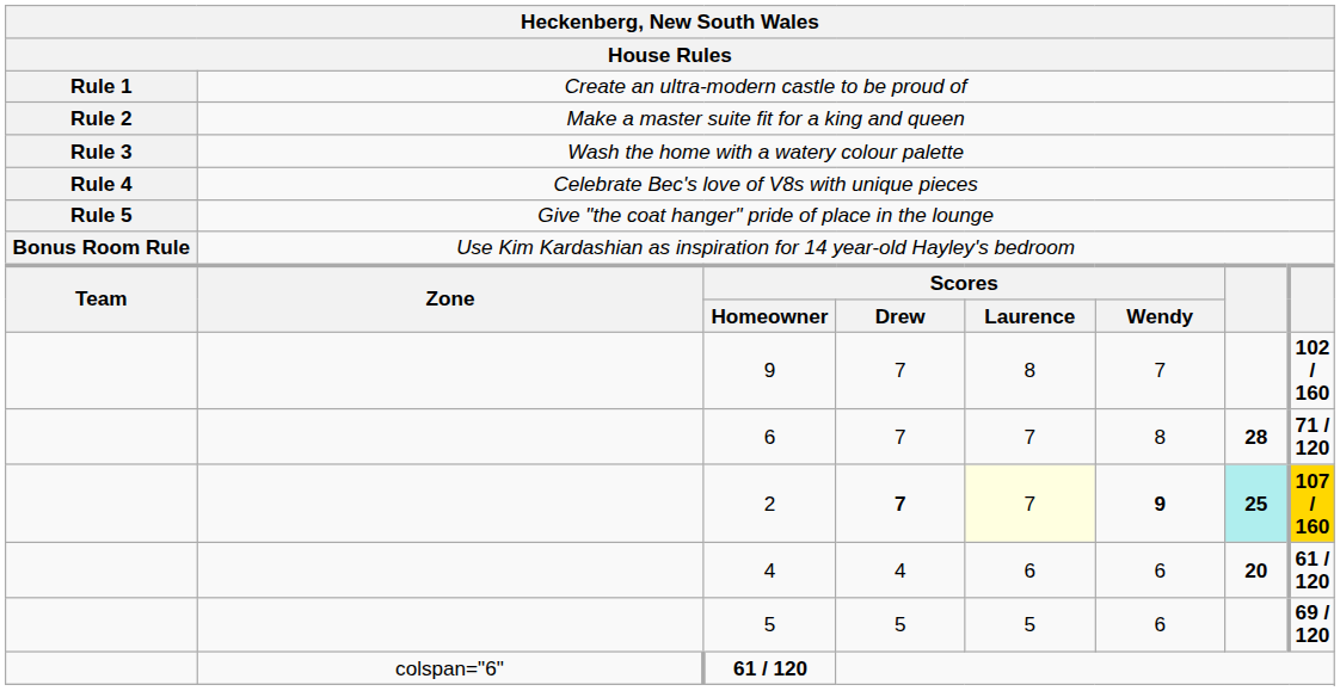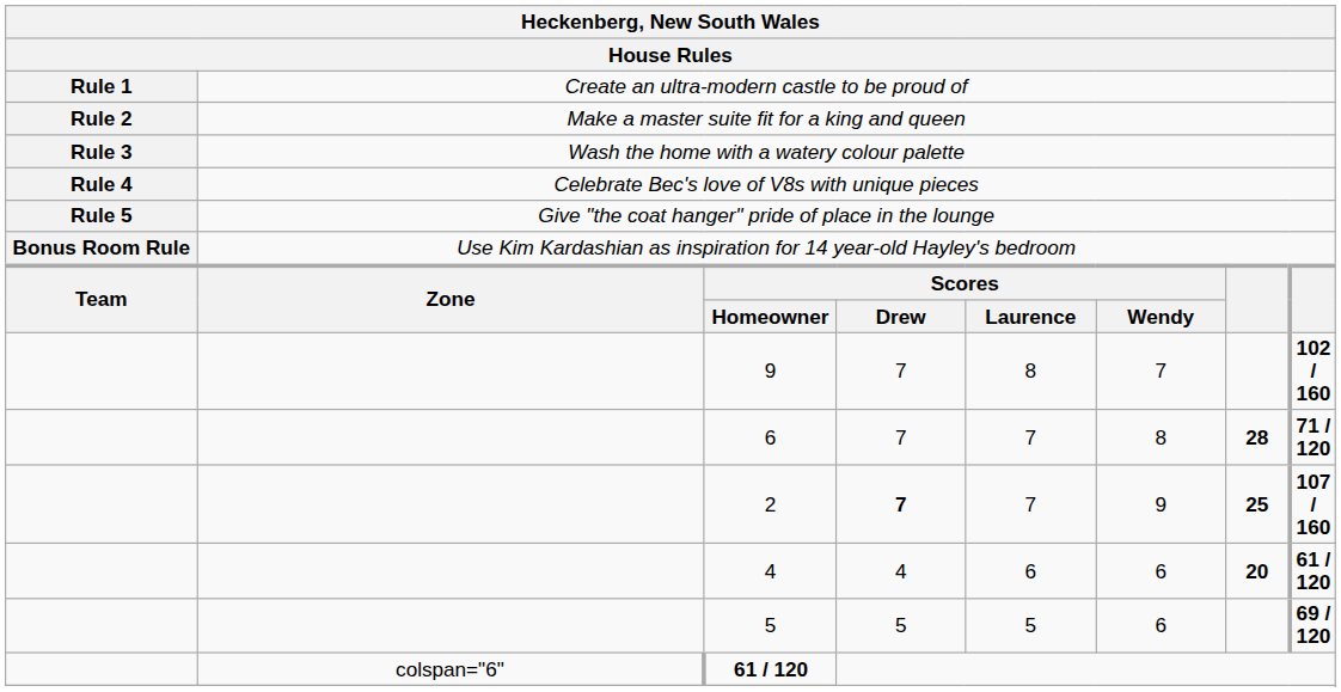 <table class="wikitable plainrowheaders" style="text-align:center; font-size:90%; width:65em;">
 <tr>
 <th colspan="8" >Heckenberg, New South Wales</th>
 </tr>
 <tr>
 <th colspan="8">House Rules</th>
 </tr>
 <tr>
 <th>Rule 1</th>
 <td colspan="7"><em>Create an ultra-modern castle to be proud of</em></td>
 </tr>
 <tr>
 <th>Rule 2</th>
 <td colspan="7"><em>Make a master suite fit for a king and queen</em></td>
 </tr>
 <tr>
 <th>Rule 3</th>
 <td colspan="7"><em>Wash the home with a watery colour palette</em></td>
 </tr>
 <tr>
 <th>Rule 4</th>
 <td colspan="7"><em>Celebrate Bec's love of V8s with unique pieces</em></td>
 </tr>
 <tr>
 <th>Rule 5</th>
 <td colspan="7"><em>Give "the coat hanger" pride of place in the lounge</em></td>
 </tr>
 <tr>
 <th>Bonus Room Rule</th>
 <td colspan="7"><em>Use Kim Kardashian as inspiration for 14 year-old Hayley's bedroom</em></td>
 </tr>
 <tr style="border-top:3px solid #aaa;">
 <th rowspan="2">Team</th>
 <th rowspan="2" style="width:40%;">Zone</th>
 <th colspan="4" style="width:40%;">Scores</th>
 <th rowspan="2" style="width:10%;"></th>
 <th rowspan="2" style="width:10%; border-left:3px solid #aaa;"></th>
 </tr>
 <tr>
 <th style="width:10%;">Homeowner</th>
 <th style="width:10%;">Drew</th>
 <th style="width:10%;">Laurence</th>
 <th style="width:10%;">Wendy</th>
 </tr>
 <tr>
 <td style="width:15%;"></td>
 <td></td>
 <td>9</td>
 <td>7</td>
 <td>8</td>
 <td>7</td>
 <td></td>
 <td style="border-left:3px solid #aaa;"><strong>102 / 160</strong></td>
 </tr>
 <tr>
 <td style="width:15%;"></td>
 <td></td>
 <td>6</td>
 <td>7</td>
 <td>7</td>
 <td>8</td>
 <td><strong>28</strong></td>
 <td style="border-left:3px solid #aaa;"><strong>71 / 120</strong></td>
 </tr>
 <tr>
 <td style="width:15%;"></td>
 <td></td>
 <td>2</td>
 <td><strong>7</strong></td>
-<td style="background: lightyellow;">7</td>
-<td><strong>9</strong></td>
-<td style="background: paleturquoise;"><strong>25</strong></td>
-<td style="background: gold; border-left:3px solid #aaa;"><strong>107 / 160</strong></td>
+<td>7</td>
+<td>9</td>
+<td><strong>25</strong></td>
+<td style="border-left:3px solid #aaa;"><strong>107 / 160</strong></td>
 </tr>
 <tr>
 <td style="width:15%;"></td>
 <td></td>
 <td>4</td>
 <td>4</td>
 <td>6</td>
 <td>6</td>
 <td><strong>20</strong></td>
 <td style="border-left:3px solid #aaa;"><strong>61 / 120</strong></td>
 </tr>
 <tr>
 <td style="width:15%;"></td>
 <td></td>
 <td>5</td>
 <td>5</td>
 <td>5</td>
 <td>6</td>
 <td></td>
 <td style="border-left:3px solid #aaa;"><strong>69 / 120</strong></td>
 </tr>
 <tr>
 <td style="width:15%;"></td>
 <td>colspan="6" </td>
 <td style="border-left:3px solid #aaa;"><strong>61 / 120</strong></td>
 </tr>
 <tr>
 </tr>
 </table>
